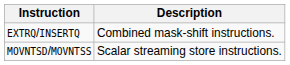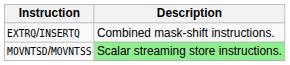 <table class="wikitable">
 <tr>
 <th scope="col">Instruction</th>
 <th scope="col">Description</th>
 </tr>
 <tr>
 <td><code>EXTRQ</code>/<code>INSERTQ</code></td>
 <td>Combined mask-shift instructions.</td>
 </tr>
 <tr>
 <td><code>MOVNTSD</code>/<code>MOVNTSS</code></td>
-<td>Scalar streaming store instructions.</td>
+<td style="background: lightgreen;">Scalar streaming store instructions.</td>
 </tr>
 </table>
